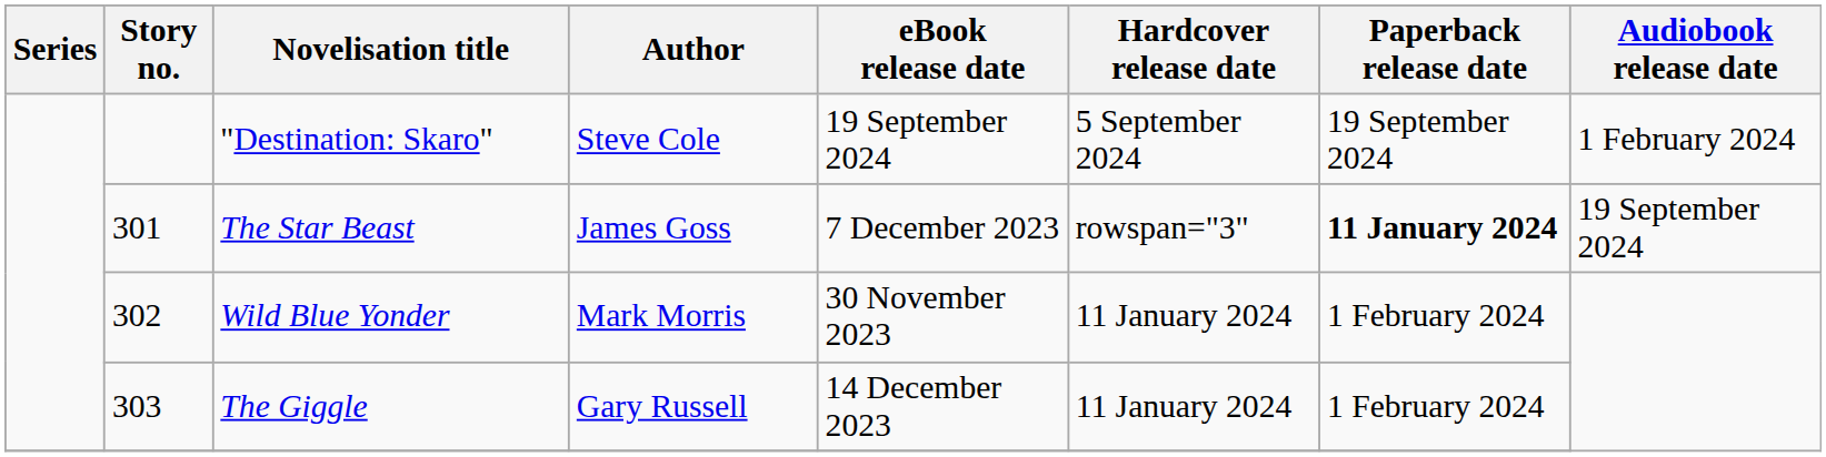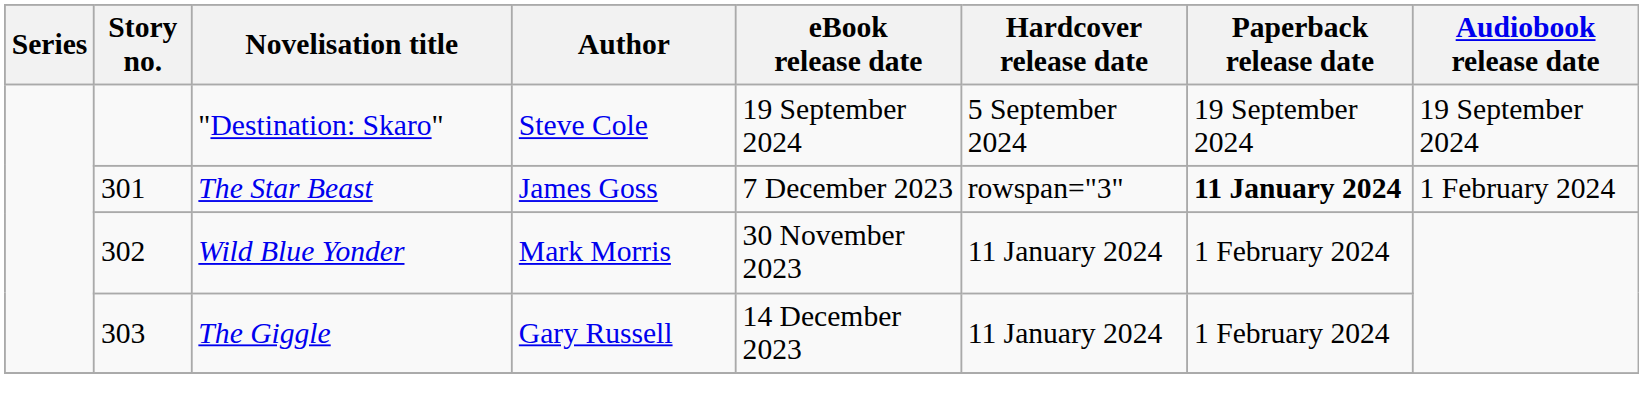 <table class="wikitable sortable" style="width:100%;">
 <tr>
 <th style="width:4%;">Series</th>
 <th style="width:6%;">Story no.</th>
 <th style="width:20%;">Novelisation title</th>
 <th style="width:14%;">Author</th>
 <th style="width:14%;">eBook<br>release date</th>
 <th style="width:14%;" data-sort-type=date>Hardcover<br>release date</th>
 <th style="width:14%;">Paperback<br>release date</th>
 <th style="width:14%;" data-sort-type=date><a href='#'>Audiobook</a> <br>release date</th>
 </tr>
 <tr>
 <td rowspan="4"></td>
 <td></td>
 <td>"<a href='#'>Destination: Skaro</a>"</td>
 <td><a href='#'>Steve Cole</a></td>
 <td>19 September 2024</td>
 <td>5 September 2024 </td>
 <td>19 September 2024 </td>
-<td>1 February 2024</td>
+<td>19 September 2024</td>
 </tr>
 <tr>
 <td>301</td>
 <td><em><a href='#'>The Star Beast</a></em></td>
 <td data-sort-value="Goss, James"><a href='#'>James Goss</a></td>
 <td>7 December 2023</td>
 <td>rowspan="3" </td>
 <td><strong>11 January 2024</strong></td>
-<td>19 September 2024</td>
+<td>1 February 2024</td>
 </tr>
 <tr>
 <td>302</td>
 <td><em><a href='#'>Wild Blue Yonder</a></em></td>
 <td data-sort-value="Morris, Mark"><a href='#'>Mark Morris</a></td>
 <td>30 November 2023</td>
 <td>11 January 2024</td>
 <td>1 February 2024</td>
 </tr>
 <tr>
 <td>303</td>
 <td><em><a href='#'>The Giggle</a></em></td>
 <td data-sort-value="Russell, Gary"><a href='#'>Gary Russell</a></td>
 <td>14 December 2023</td>
 <td>11 January 2024</td>
 <td>1 February 2024</td>
 </tr>
 <tr>
 </tr>
 </table>
